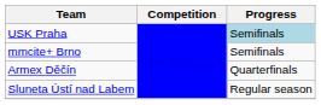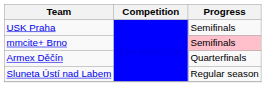 <table class="wikitable sortable">
 <tr>
 <th>Team</th>
 <th>Competition</th>
 <th>Progress</th>
 </tr>
 <tr>
 <td><a href='#'>USK Praha</a></td>
 <td rowspan="4" style="background-color:blue;color:#D0D3D4;text-align:center"><strong><a href='#'><span>Alpe Adria Cup</span></a></strong></td>
-<td style="background: lightblue;">Semifinals</td>
+<td>Semifinals</td>
 </tr>
 <tr>
 <td><a href='#'>mmcite+ Brno</a></td>
-<td>Semifinals</td>
+<td style="background: pink;">Semifinals</td>
 </tr>
 <tr>
 <td><a href='#'>Armex Děčín</a></td>
 <td>Quarterfinals</td>
 </tr>
 <tr>
 <td><a href='#'>Sluneta Ústí nad Labem</a></td>
 <td>Regular season</td>
 </tr>
 <tr>
 </tr>
 </table>
